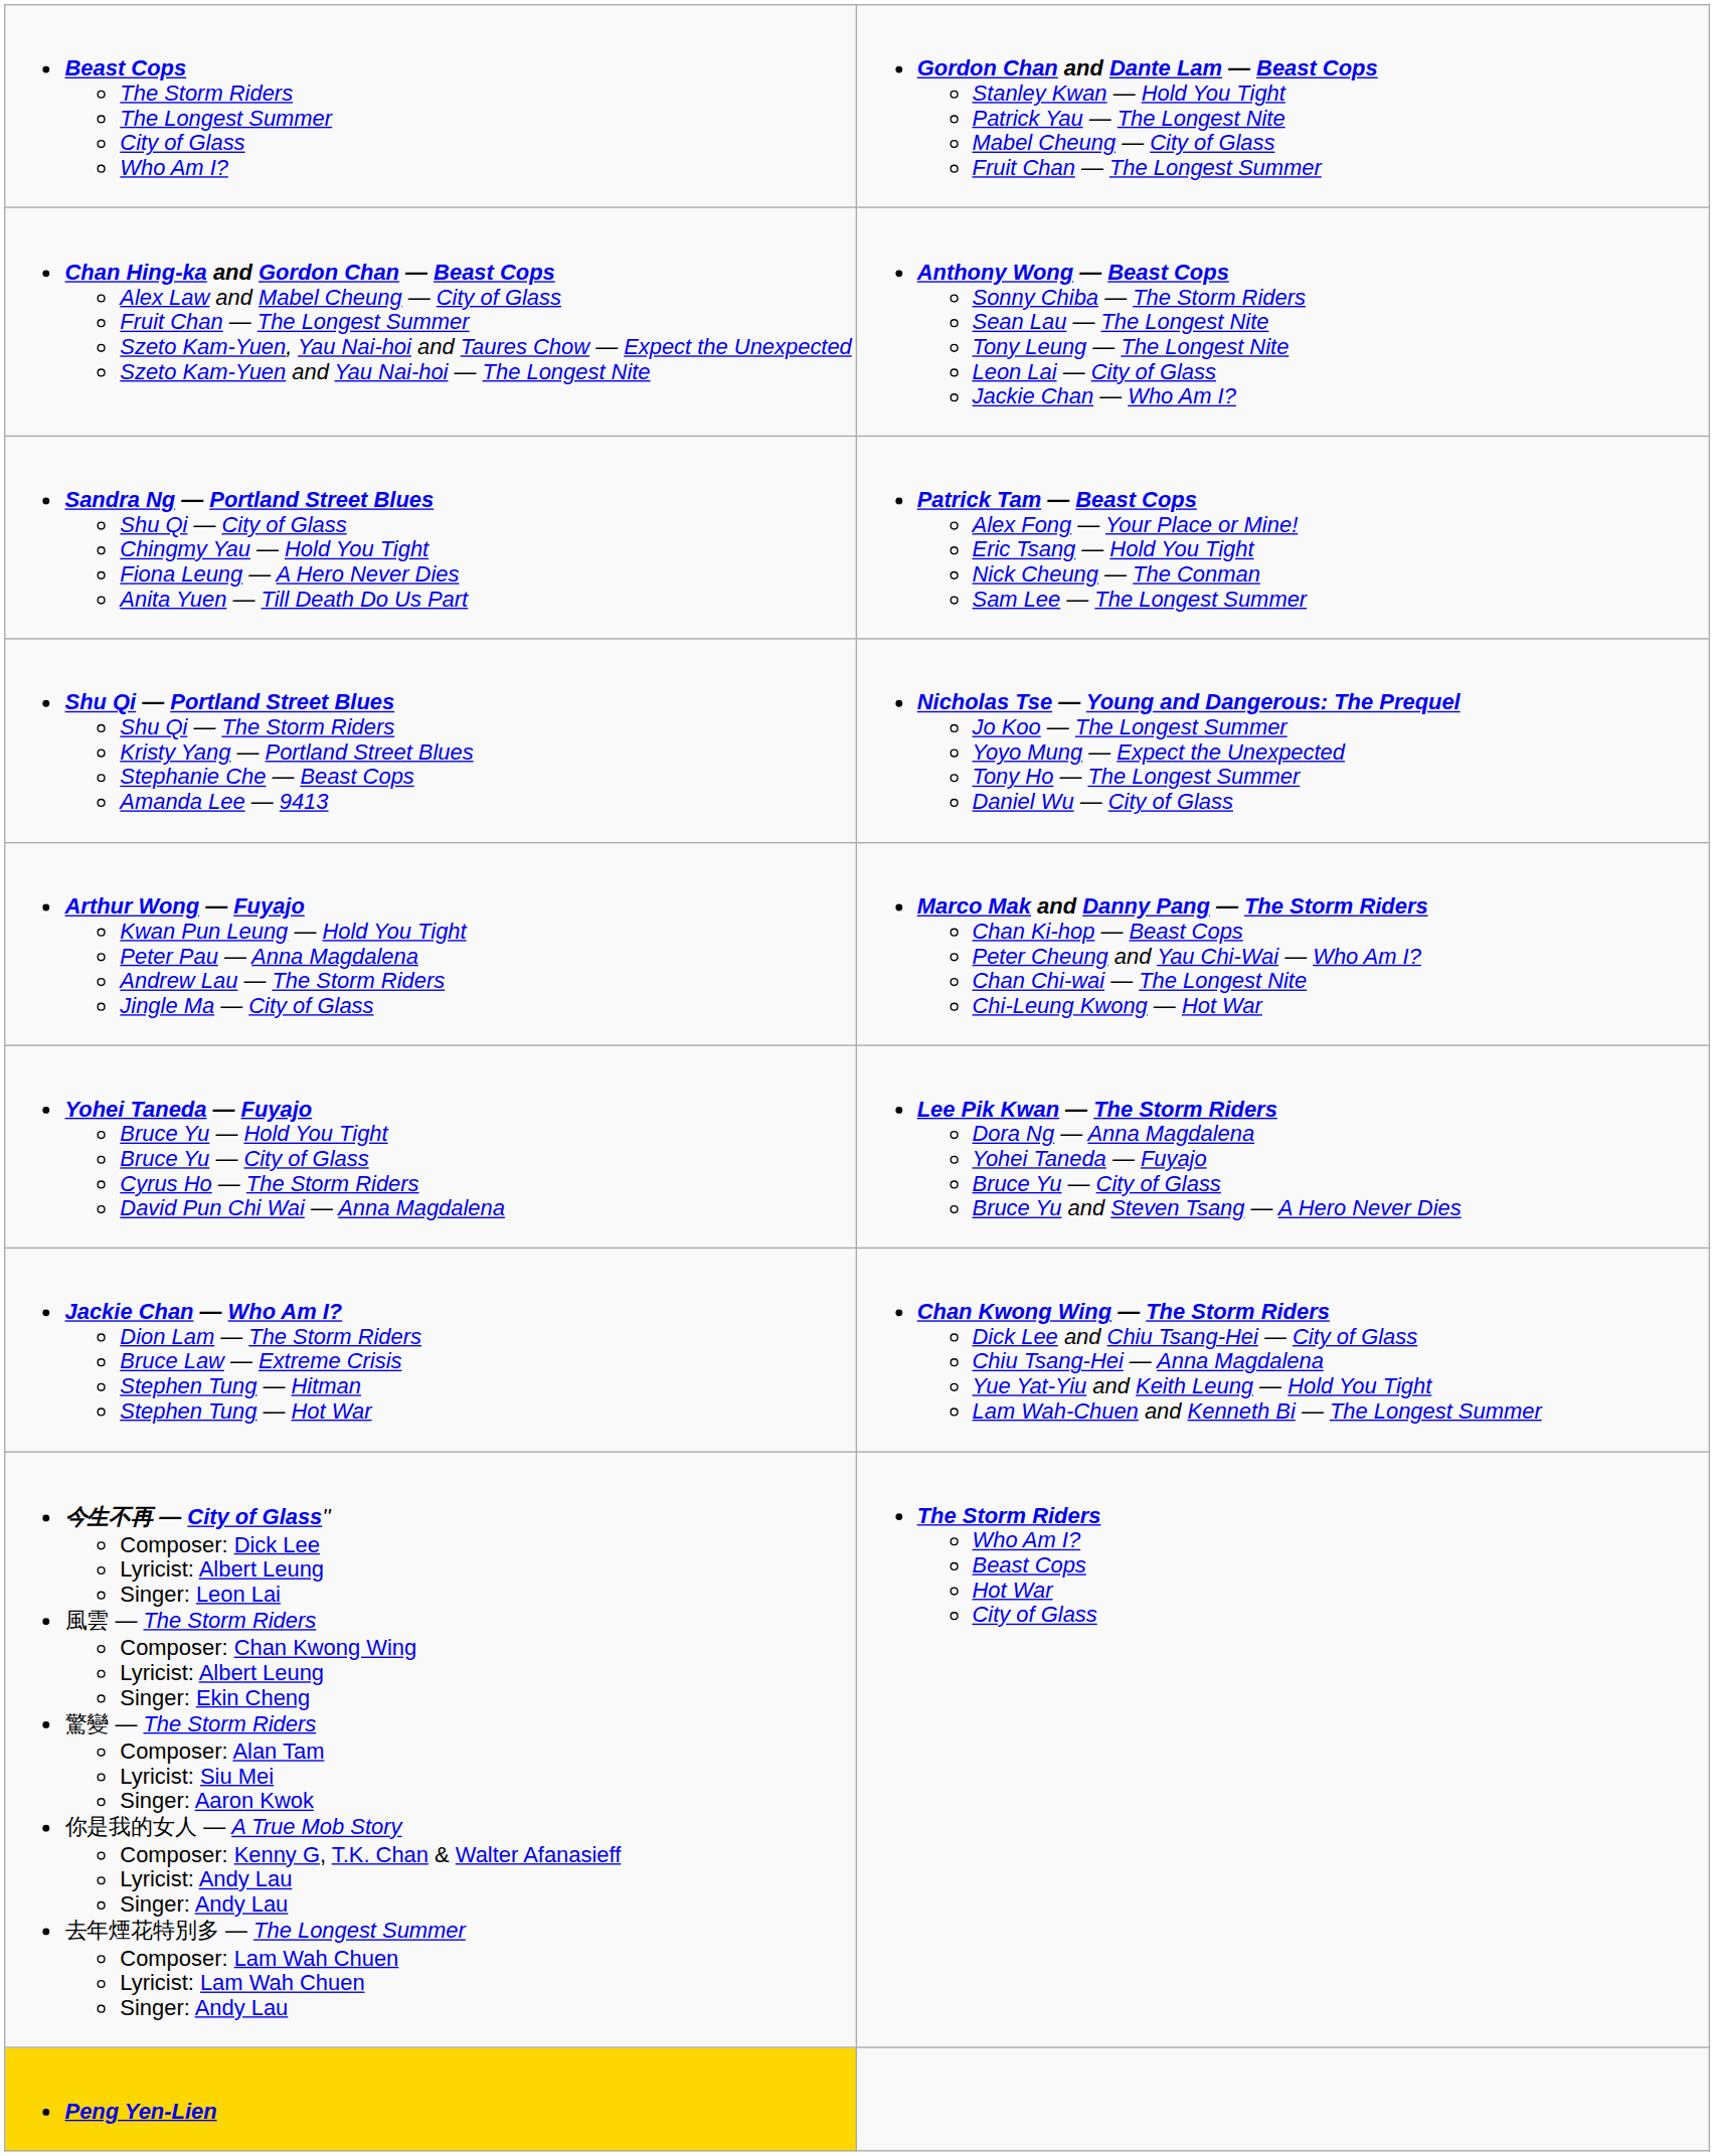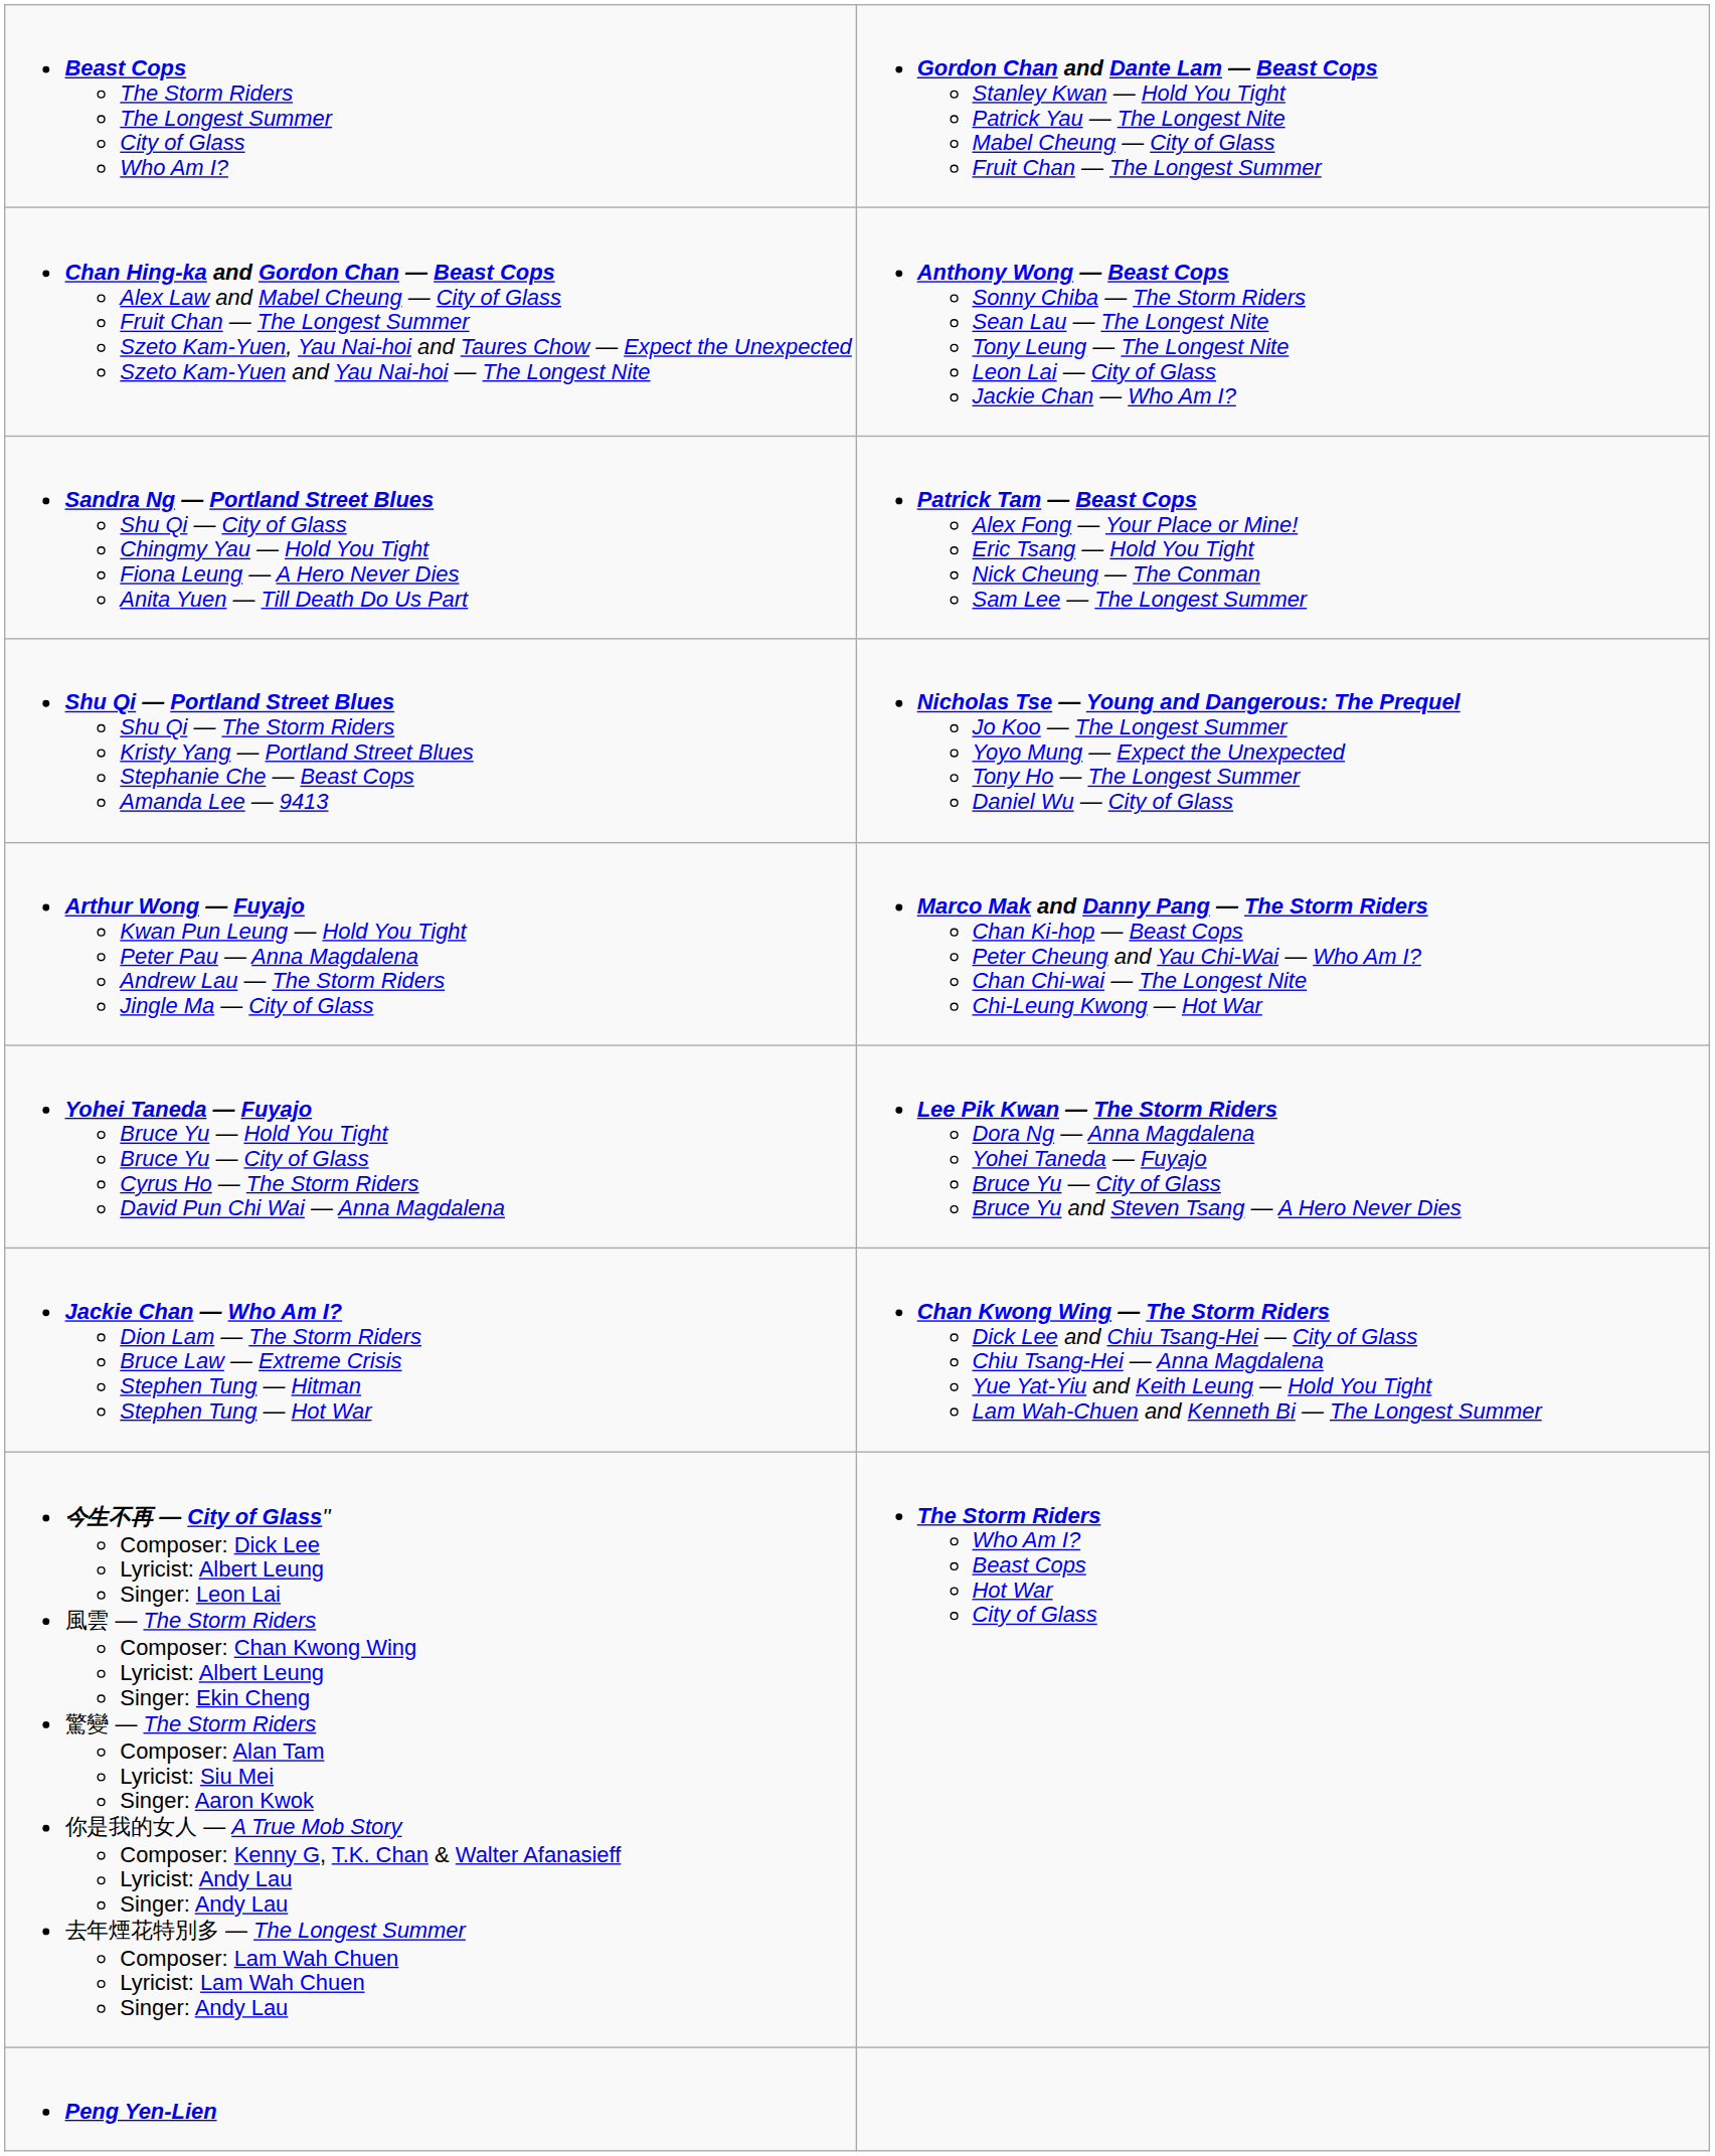 <table class=wikitable>
 <tr>
 <td valign="top" width="50%"><br><ul><li><strong><em><a href='#'>Beast Cops</a></em></strong><ul><li><em><a href='#'>The Storm Riders</a></em></li><li><em><a href='#'>The Longest Summer</a></em></li><li><em><a href='#'>City of Glass</a></em></li><li><em><a href='#'>Who Am I?</a></em></li></ul></li></ul></td>
 <td valign="top" width="50%"><br><ul><li><strong><em><a href='#'>Gordon Chan</a> and <a href='#'>Dante Lam</a> — <a href='#'>Beast Cops</a></em></strong><ul><li><em><a href='#'>Stanley Kwan</a> — <a href='#'>Hold You Tight</a></em></li><li><em><a href='#'>Patrick Yau</a> — <a href='#'>The Longest Nite</a></em></li><li><em><a href='#'>Mabel Cheung</a> — <a href='#'>City of Glass</a></em></li><li><em><a href='#'>Fruit Chan</a> — <a href='#'>The Longest Summer</a></em></li></ul></li></ul></td>
 </tr>
 <tr>
 <td valign="top" width="50%"><br><ul><li><strong><em><a href='#'>Chan Hing-ka</a> and <a href='#'>Gordon Chan</a> — <a href='#'>Beast Cops</a></em></strong><ul><li><em><a href='#'>Alex Law</a> and <a href='#'>Mabel Cheung</a> — <a href='#'>City of Glass</a></em></li><li><em><a href='#'>Fruit Chan</a> — <a href='#'>The Longest Summer</a></em></li><li><em><a href='#'>Szeto Kam-Yuen</a>, <a href='#'>Yau Nai-hoi</a> and <a href='#'>Taures Chow</a> — <a href='#'>Expect the Unexpected</a></em></li><li><em><a href='#'>Szeto Kam-Yuen</a> and <a href='#'>Yau Nai-hoi</a> — <a href='#'>The Longest Nite</a></em></li></ul></li></ul></td>
 <td valign="top" width="50%"><br><ul><li><strong><em><a href='#'>Anthony Wong</a> — <a href='#'>Beast Cops</a></em></strong><ul><li><em><a href='#'>Sonny Chiba</a> — <a href='#'>The Storm Riders</a></em></li><li><em><a href='#'>Sean Lau</a> — <a href='#'>The Longest Nite</a></em></li><li><em><a href='#'>Tony Leung</a> — <a href='#'>The Longest Nite</a></em></li><li><em><a href='#'>Leon Lai</a> — <a href='#'>City of Glass</a></em></li><li><em><a href='#'>Jackie Chan</a> — <a href='#'>Who Am I?</a></em></li></ul></li></ul></td>
 </tr>
 <tr>
 <td valign="top" width="50%"><br><ul><li><strong><em><a href='#'>Sandra Ng</a> — <a href='#'>Portland Street Blues</a></em></strong><ul><li><em><a href='#'>Shu Qi</a> — <a href='#'>City of Glass</a></em></li><li><em><a href='#'>Chingmy Yau</a> — <a href='#'>Hold You Tight</a></em></li><li><em><a href='#'>Fiona Leung</a> — <a href='#'>A Hero Never Dies</a></em></li><li><em><a href='#'>Anita Yuen</a> — <a href='#'>Till Death Do Us Part</a></em></li></ul></li></ul></td>
 <td valign="top" width="50%"><br><ul><li><strong><em><a href='#'>Patrick Tam</a> — <a href='#'>Beast Cops</a></em></strong><ul><li><em><a href='#'>Alex Fong</a> — <a href='#'>Your Place or Mine!</a></em></li><li><em><a href='#'>Eric Tsang</a> — <a href='#'>Hold You Tight</a></em></li><li><em><a href='#'>Nick Cheung</a> — <a href='#'>The Conman</a></em></li><li><em><a href='#'>Sam Lee</a> — <a href='#'>The Longest Summer</a></em></li></ul></li></ul></td>
 </tr>
 <tr>
 <td valign="top" width="50%"><br><ul><li><strong><em><a href='#'>Shu Qi</a> — <a href='#'>Portland Street Blues</a></em></strong><ul><li><em><a href='#'>Shu Qi</a> — <a href='#'>The Storm Riders</a></em></li><li><em><a href='#'>Kristy Yang</a> — <a href='#'>Portland Street Blues</a></em></li><li><em><a href='#'>Stephanie Che</a> — <a href='#'>Beast Cops</a></em></li><li><em><a href='#'>Amanda Lee</a> — <a href='#'>9413</a></em></li></ul></li></ul></td>
 <td valign="top" width="50%"><br><ul><li><strong><em><a href='#'>Nicholas Tse</a> — <a href='#'>Young and Dangerous: The Prequel</a></em></strong><ul><li><em><a href='#'>Jo Koo</a> — <a href='#'>The Longest Summer</a></em></li><li><em><a href='#'>Yoyo Mung</a> — <a href='#'>Expect the Unexpected</a></em></li><li><em><a href='#'>Tony Ho</a> — <a href='#'>The Longest Summer</a></em></li><li><em><a href='#'>Daniel Wu</a> — <a href='#'>City of Glass</a></em></li></ul></li></ul></td>
 </tr>
 <tr>
 <td valign="top" width="50%"><br><ul><li><strong><em><a href='#'>Arthur Wong</a> — <a href='#'>Fuyajo</a></em></strong><ul><li><em><a href='#'>Kwan Pun Leung</a> — <a href='#'>Hold You Tight</a></em></li><li><em><a href='#'>Peter Pau</a> — <a href='#'>Anna Magdalena</a></em></li><li><em><a href='#'>Andrew Lau</a> — <a href='#'>The Storm Riders</a></em></li><li><em><a href='#'>Jingle Ma</a> — <a href='#'>City of Glass</a></em></li></ul></li></ul></td>
 <td valign="top" width="50%"><br><ul><li><strong><em><a href='#'>Marco Mak</a> and <a href='#'>Danny Pang</a> — <a href='#'>The Storm Riders</a></em></strong><ul><li><em><a href='#'>Chan Ki-hop</a> — <a href='#'>Beast Cops</a></em></li><li><em><a href='#'>Peter Cheung</a> and <a href='#'>Yau Chi-Wai</a> — <a href='#'>Who Am I?</a></em></li><li><em><a href='#'>Chan Chi-wai</a> — <a href='#'>The Longest Nite</a></em></li><li><em><a href='#'>Chi-Leung Kwong</a> — <a href='#'>Hot War</a></em></li></ul></li></ul></td>
 </tr>
 <tr>
 <td valign="top" width="50%"><br><ul><li><strong><em><a href='#'>Yohei Taneda</a> — <a href='#'>Fuyajo</a></em></strong><ul><li><em><a href='#'>Bruce Yu</a> — <a href='#'>Hold You Tight</a></em></li><li><em><a href='#'>Bruce Yu</a> — <a href='#'>City of Glass</a></em></li><li><em><a href='#'>Cyrus Ho</a> — <a href='#'>The Storm Riders</a></em></li><li><em><a href='#'>David Pun Chi Wai</a> — <a href='#'>Anna Magdalena</a></em></li></ul></li></ul></td>
 <td valign="top" width="50%"><br><ul><li><strong><em><a href='#'>Lee Pik Kwan</a> — <a href='#'>The Storm Riders</a></em></strong><ul><li><em><a href='#'>Dora Ng</a> — <a href='#'>Anna Magdalena</a></em></li><li><em><a href='#'>Yohei Taneda</a> — <a href='#'>Fuyajo</a></em></li><li><em><a href='#'>Bruce Yu</a> — <a href='#'>City of Glass</a></em></li><li><em><a href='#'>Bruce Yu</a> and <a href='#'>Steven Tsang</a> — <a href='#'>A Hero Never Dies</a></em></li></ul></li></ul></td>
 </tr>
 <tr>
 <td valign="top" width="50%"><br><ul><li><strong><em><a href='#'>Jackie Chan</a> — <a href='#'>Who Am I?</a></em></strong><ul><li><em><a href='#'>Dion Lam</a> — <a href='#'>The Storm Riders</a></em></li><li><em><a href='#'>Bruce Law</a> — <a href='#'>Extreme Crisis</a></em></li><li><em><a href='#'>Stephen Tung</a> — <a href='#'>Hitman</a></em></li><li><em><a href='#'>Stephen Tung</a> — <a href='#'>Hot War</a></em></li></ul></li></ul></td>
 <td valign="top" width="50%"><br><ul><li><strong><em><a href='#'>Chan Kwong Wing</a> — <a href='#'>The Storm Riders</a></em></strong><ul><li><em><a href='#'>Dick Lee</a> and <a href='#'>Chiu Tsang-Hei</a> — <a href='#'>City of Glass</a></em></li><li><em><a href='#'>Chiu Tsang-Hei</a> — <a href='#'>Anna Magdalena</a></em></li><li><em><a href='#'>Yue Yat-Yiu</a> and <a href='#'>Keith Leung</a> — <a href='#'>Hold You Tight</a></em></li><li><em><a href='#'>Lam Wah-Chuen</a> and  <a href='#'>Kenneth Bi</a> — <a href='#'>The Longest Summer</a></em></li></ul></li></ul></td>
 </tr>
 <tr>
 <td valign="top" width="50%"><br><ul><li><strong><em>今生不再  — <em><a href='#'>City of Glass</a></em></strong>''</em><ul><li>Composer: <a href='#'>Dick Lee</a></li><li>Lyricist: <a href='#'>Albert Leung</a></li><li>Singer: <a href='#'>Leon Lai</a></li></ul></li><li>風雲 — <em><a href='#'>The Storm Riders</a></em><ul><li>Composer: <a href='#'>Chan Kwong Wing</a></li><li>Lyricist: <a href='#'>Albert Leung</a></li><li>Singer: <a href='#'>Ekin Cheng</a></li></ul></li><li>驚變 — <em><a href='#'>The Storm Riders</a></em><ul><li>Composer: <a href='#'>Alan Tam</a></li><li>Lyricist: <a href='#'>Siu Mei</a></li><li>Singer: <a href='#'>Aaron Kwok</a></li></ul></li><li>你是我的女人 — <em><a href='#'>A True Mob Story</a></em><ul><li>Composer: <a href='#'>Kenny G</a>, <a href='#'>T.K. Chan</a> & <a href='#'>Walter Afanasieff</a></li><li>Lyricist: <a href='#'>Andy Lau</a></li><li>Singer: <a href='#'>Andy Lau</a></li></ul></li><li>去年煙花特別多 — <em><a href='#'>The Longest Summer</a></em><ul><li>Composer: <a href='#'>Lam Wah Chuen</a></li><li>Lyricist: <a href='#'>Lam Wah Chuen</a></li><li>Singer: <a href='#'>Andy Lau</a></li></ul></li></ul></td>
 <td valign="top" width="50%"><br><ul><li><strong><em><a href='#'>The Storm Riders</a></em></strong><ul><li><em><a href='#'>Who Am I?</a></em></li><li><em><a href='#'>Beast Cops</a></em></li><li><em><a href='#'>Hot War</a></em></li><li><em><a href='#'>City of Glass</a></em></li></ul></li></ul></td>
 </tr>
 <tr>
-<td valign="top" width="50%" style="background: gold;"><br><ul><li><strong><em><a href='#'>Peng Yen-Lien</a></em></strong></li></ul></td>
+<td valign="top" width="50%"><br><ul><li><strong><em><a href='#'>Peng Yen-Lien</a></em></strong></li></ul></td>
 </tr>
 </table>
